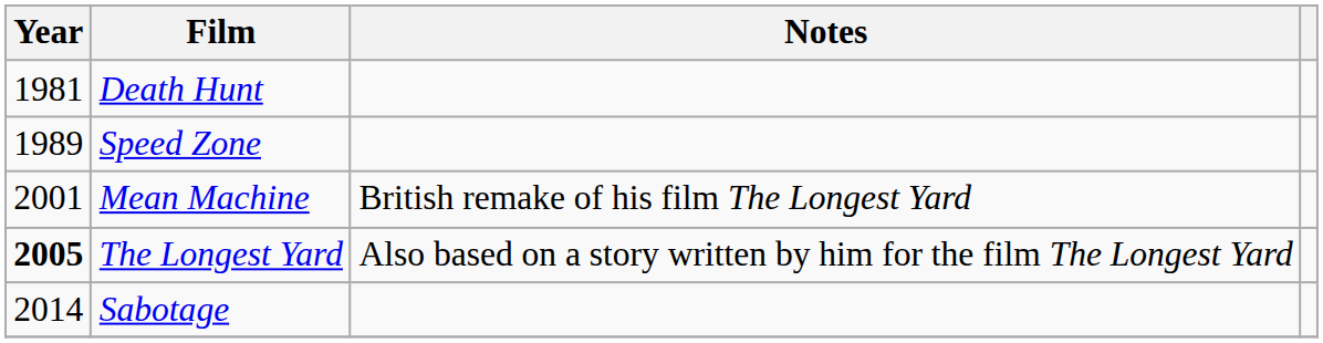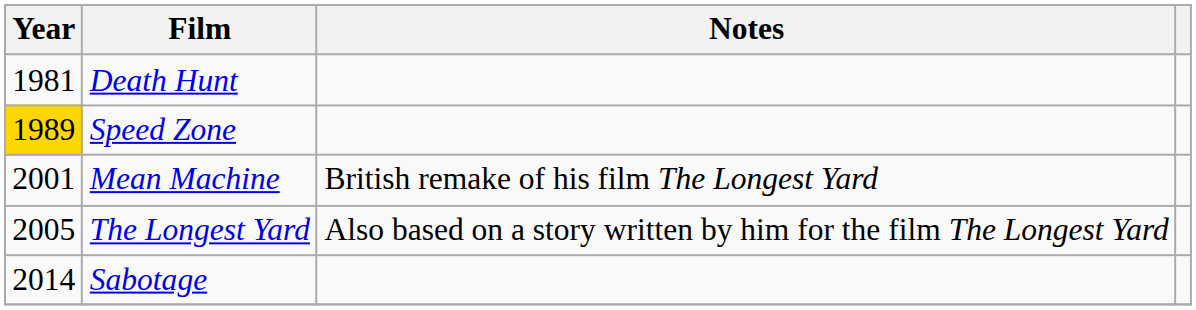 <table class="wikitable sortable">
 <tr>
 <th>Year</th>
 <th>Film</th>
 <th>Notes</th>
 <th></th>
 </tr>
 <tr>
 <td>1981</td>
 <td><em><a href='#'>Death Hunt</a></em></td>
 <td></td>
 <td></td>
 </tr>
 <tr>
-<td>1989</td>
+<td style="background: gold;">1989</td>
 <td><em><a href='#'>Speed Zone</a></em></td>
 <td></td>
 <td></td>
 </tr>
 <tr>
 <td>2001</td>
 <td><em><a href='#'>Mean Machine</a></em></td>
 <td>British remake of his film <em>The Longest Yard</em></td>
 <td></td>
 </tr>
 <tr>
-<td><strong>2005</strong></td>
+<td>2005</td>
 <td><em><a href='#'>The Longest Yard</a></em></td>
 <td>Also based on a story written by him for the film <em>The Longest Yard</em></td>
 <td></td>
 </tr>
 <tr>
 <td>2014</td>
 <td><em><a href='#'>Sabotage</a></em></td>
 <td></td>
 <td></td>
 </tr>
 <tr>
 </tr>
 </table>
